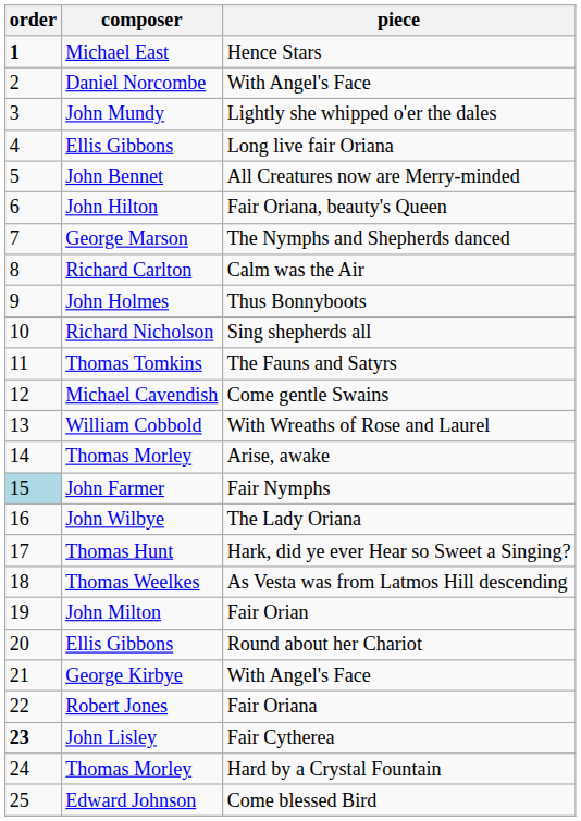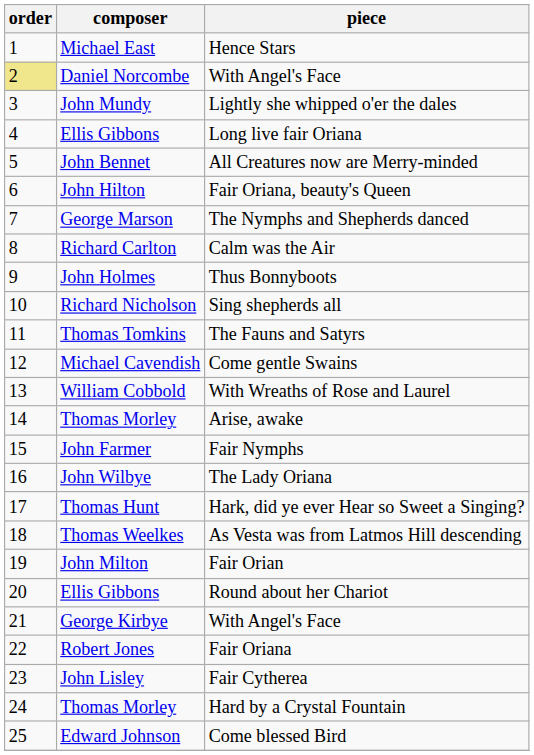 <table class="wikitable">
 <tr>
 <th>order</th>
 <th>composer</th>
 <th>piece</th>
 </tr>
 <tr>
-<td><strong>1</strong></td>
+<td>1</td>
 <td><a href='#'>Michael East</a></td>
 <td>Hence Stars</td>
 </tr>
 <tr>
-<td>2</td>
+<td style="background: khaki;">2</td>
 <td><a href='#'>Daniel Norcombe</a></td>
 <td>With Angel's Face</td>
 </tr>
 <tr>
 <td>3</td>
 <td><a href='#'>John Mundy</a></td>
 <td>Lightly she whipped o'er the dales</td>
 </tr>
 <tr>
 <td>4</td>
 <td><a href='#'>Ellis Gibbons</a></td>
 <td>Long live fair Oriana</td>
 </tr>
 <tr>
 <td>5</td>
 <td><a href='#'>John Bennet</a></td>
 <td>All Creatures now are Merry‐minded</td>
 </tr>
 <tr>
 <td>6</td>
 <td><a href='#'>John Hilton</a></td>
 <td>Fair Oriana, beauty's Queen</td>
 </tr>
 <tr>
 <td>7</td>
 <td><a href='#'>George Marson</a></td>
 <td>The Nymphs and Shepherds danced</td>
 </tr>
 <tr>
 <td>8</td>
 <td><a href='#'>Richard Carlton</a></td>
 <td>Calm was the Air</td>
 </tr>
 <tr>
 <td>9</td>
 <td><a href='#'>John Holmes</a></td>
 <td>Thus Bonnyboots</td>
 </tr>
 <tr>
 <td>10</td>
 <td><a href='#'>Richard Nicholson</a></td>
 <td>Sing shepherds all</td>
 </tr>
 <tr>
 <td>11</td>
 <td><a href='#'>Thomas Tomkins</a></td>
 <td>The Fauns and Satyrs</td>
 </tr>
 <tr>
 <td>12</td>
 <td><a href='#'>Michael Cavendish</a></td>
 <td>Come gentle Swains</td>
 </tr>
 <tr>
 <td>13</td>
 <td><a href='#'>William Cobbold</a></td>
 <td>With Wreaths of Rose and Laurel</td>
 </tr>
 <tr>
 <td>14</td>
 <td><a href='#'>Thomas Morley</a></td>
 <td>Arise, awake</td>
 </tr>
 <tr>
-<td style="background: lightblue;">15</td>
+<td>15</td>
 <td><a href='#'>John Farmer</a></td>
 <td>Fair Nymphs</td>
 </tr>
 <tr>
 <td>16</td>
 <td><a href='#'>John Wilbye</a></td>
 <td>The Lady Oriana</td>
 </tr>
 <tr>
 <td>17</td>
 <td><a href='#'>Thomas Hunt</a></td>
 <td>Hark, did ye ever Hear so Sweet a Singing?</td>
 </tr>
 <tr>
 <td>18</td>
 <td><a href='#'>Thomas Weelkes</a></td>
 <td>As Vesta was from Latmos Hill descending</td>
 </tr>
 <tr>
 <td>19</td>
 <td><a href='#'>John Milton</a></td>
 <td>Fair Orian</td>
 </tr>
 <tr>
 <td>20</td>
 <td><a href='#'>Ellis Gibbons</a></td>
 <td>Round about her Chariot</td>
 </tr>
 <tr>
 <td>21</td>
 <td><a href='#'>George Kirbye</a></td>
 <td>With Angel's Face</td>
 </tr>
 <tr>
 <td>22</td>
 <td><a href='#'>Robert Jones</a></td>
 <td>Fair Oriana</td>
 </tr>
 <tr>
-<td><strong>23</strong></td>
+<td>23</td>
 <td><a href='#'>John Lisley</a></td>
 <td>Fair Cytherea</td>
 </tr>
 <tr>
 <td>24</td>
 <td><a href='#'>Thomas Morley</a></td>
 <td>Hard by a Crystal Fountain</td>
 </tr>
 <tr>
 <td>25</td>
 <td><a href='#'>Edward Johnson</a></td>
 <td>Come blessed Bird</td>
 </tr>
 <tr>
 </tr>
 </table>
